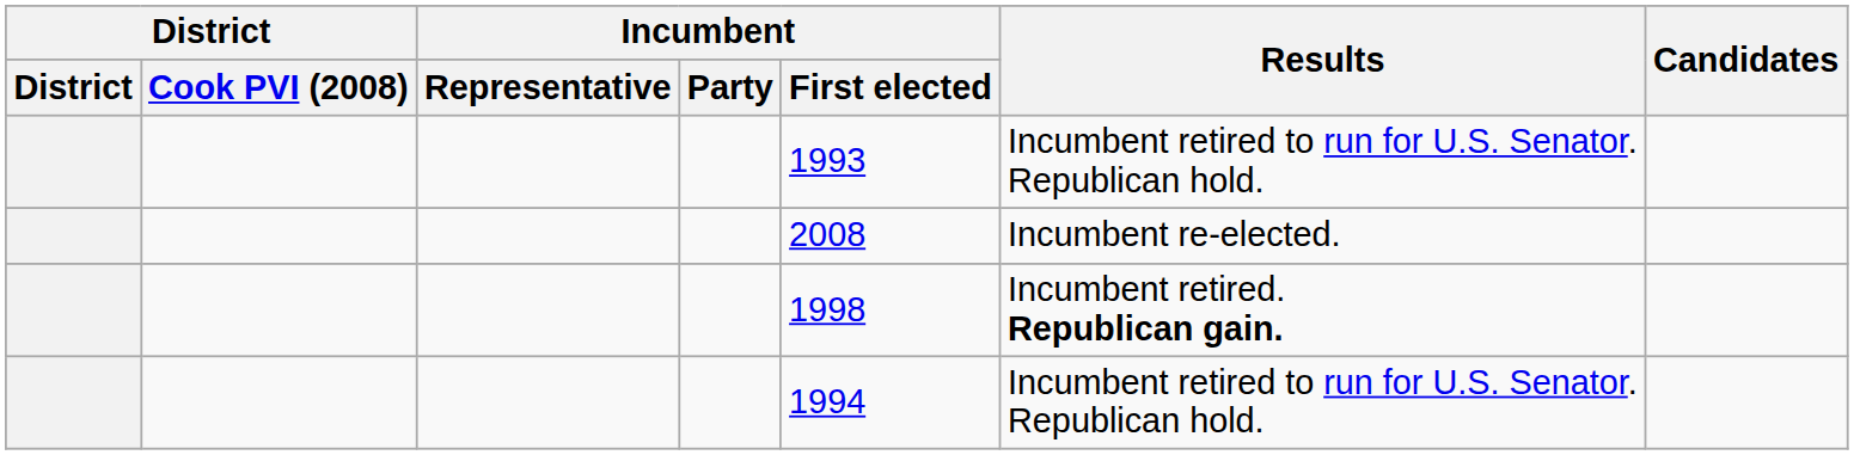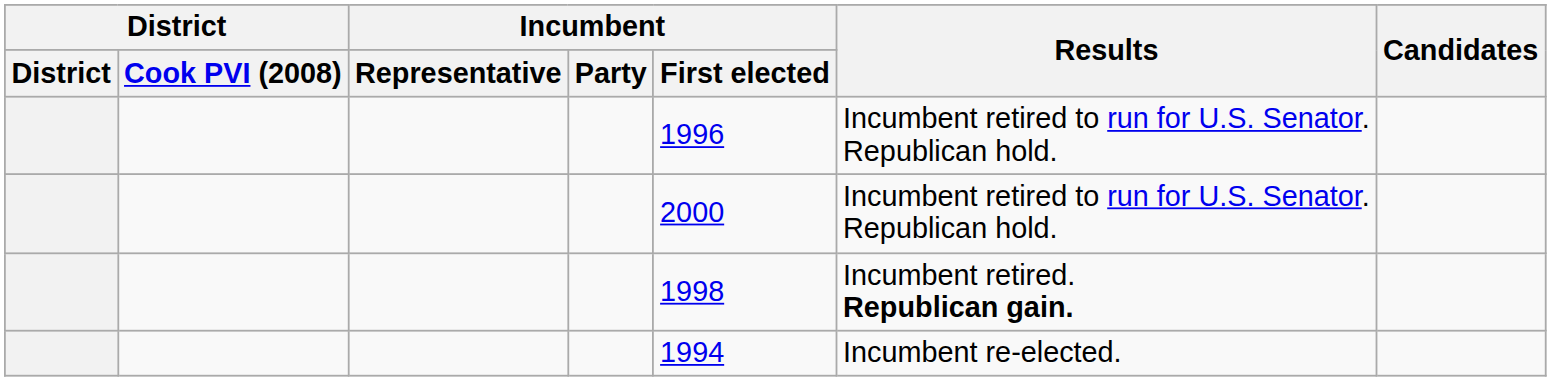 <table class="wikitable sortable">
 <tr>
 <th colspan=2>District</th>
 <th colspan=3>Incumbent</th>
 <th rowspan=2>Results</th>
 <th rowspan=2>Candidates</th>
 </tr>
 <tr valign=bottom>
 <th>District</th>
 <th><a href='#'>Cook PVI</a> (2008)</th>
 <th>Representative</th>
 <th>Party</th>
 <th>First elected</th>
 </tr>
 <tr>
 <th></th>
 <td></td>
 <td></td>
 <td></td>
-<td><a href='#'>1993</a></td>
+<td><a href='#'>1996</a></td>
 <td>Incumbent retired to <a href='#'>run for U.S. Senator</a>.<br>Republican hold.</td>
 <td nowrap></td>
 </tr>
 <tr>
 <th></th>
 <td></td>
 <td></td>
 <td></td>
-<td><a href='#'>2008</a></td>
-<td>Incumbent re-elected.</td>
+<td><a href='#'>2000</a></td>
+<td>Incumbent retired to <a href='#'>run for U.S. Senator</a>.<br>Republican hold.</td>
 <td nowrap></td>
 </tr>
 <tr>
 <th></th>
 <td></td>
 <td></td>
 <td></td>
 <td><a href='#'>1998</a></td>
 <td>Incumbent retired.<br><strong>Republican gain.</strong></td>
 <td nowrap></td>
 </tr>
 <tr>
 <th></th>
 <td></td>
 <td></td>
 <td></td>
 <td><a href='#'>1994</a></td>
-<td>Incumbent retired to <a href='#'>run for U.S. Senator</a>.<br>Republican hold.</td>
+<td>Incumbent re-elected.</td>
 <td nowrap></td>
 </tr>
 </table>
